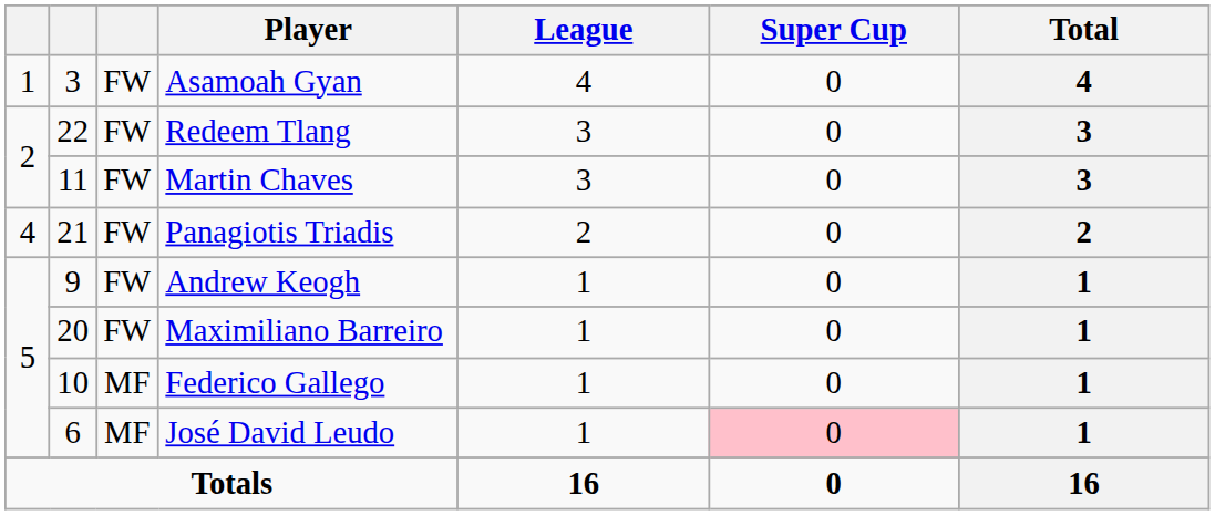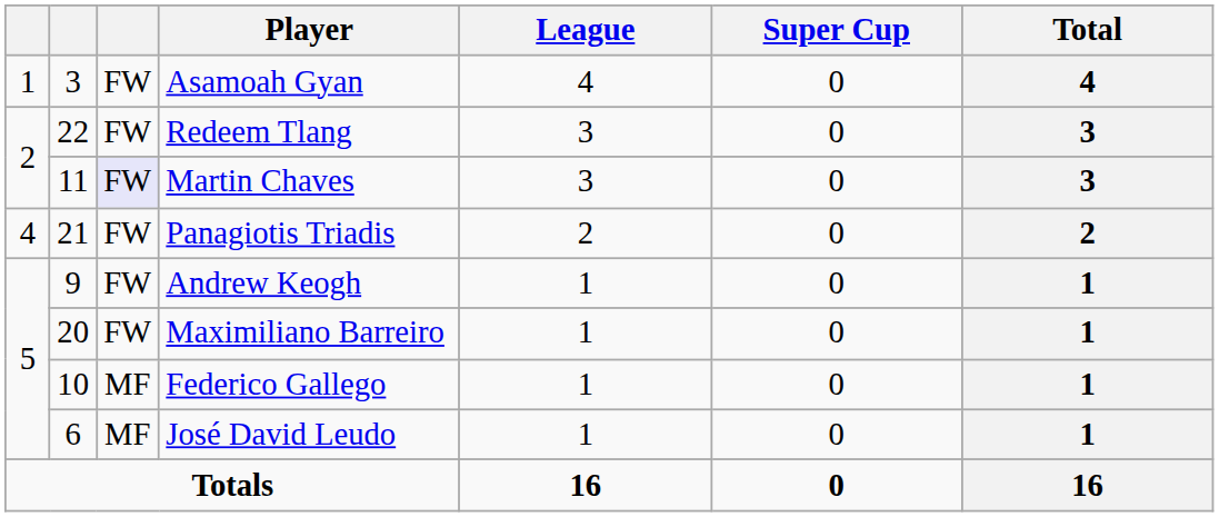 <table class="wikitable" style="text-align:center">
 <tr>
 <th width=15></th>
 <th width=15></th>
 <th width=15></th>
 <th width=145>Player</th>
 <th width=120><a href='#'>League</a></th>
 <th width=120><a href='#'>Super Cup</a></th>
 <th width=120>Total</th>
 </tr>
 <tr>
 <td>1</td>
 <td>3</td>
 <td>FW</td>
 <td align="left"> <a href='#'>Asamoah Gyan</a></td>
 <td>4</td>
 <td>0</td>
 <th>4</th>
 </tr>
 <tr>
 <td rowspan="2">2</td>
 <td>22</td>
 <td>FW</td>
 <td align="left"> <a href='#'>Redeem Tlang</a></td>
 <td>3</td>
 <td>0</td>
 <th>3</th>
 </tr>
 <tr>
 <td>11</td>
-<td>FW</td>
+<td style="background: lavender;">FW</td>
 <td align="left"> <a href='#'>Martin Chaves</a></td>
 <td>3</td>
 <td>0</td>
 <th>3</th>
 </tr>
 <tr>
 <td>4</td>
 <td>21</td>
 <td>FW</td>
 <td align="left"> <a href='#'>Panagiotis Triadis</a></td>
 <td>2</td>
 <td>0</td>
 <th>2</th>
 </tr>
 <tr>
 <td rowspan="4">5</td>
 <td>9</td>
 <td>FW</td>
 <td align="left"> <a href='#'>Andrew Keogh</a></td>
 <td>1</td>
 <td>0</td>
 <th>1</th>
 </tr>
 <tr>
 <td>20</td>
 <td>FW</td>
 <td align="left"> <a href='#'>Maximiliano Barreiro</a></td>
 <td>1</td>
 <td>0</td>
 <th>1</th>
 </tr>
 <tr>
 <td>10</td>
 <td>MF</td>
 <td align="left"> <a href='#'>Federico Gallego</a></td>
 <td>1</td>
 <td>0</td>
 <th>1</th>
 </tr>
 <tr>
 <td>6</td>
 <td>MF</td>
 <td align="left"> <a href='#'>José David Leudo</a></td>
 <td>1</td>
-<td style="background: pink;">0</td>
+<td>0</td>
 <th>1</th>
 </tr>
 <tr>
 <td colspan="4"><strong>Totals</strong></td>
 <td><strong>16</strong></td>
 <td><strong>0</strong></td>
 <th>16</th>
 </tr>
 </table>
